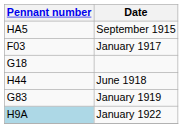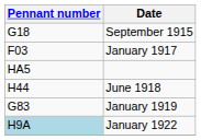 <table class="wikitable" style="text-align:left">
 <tr>
 <th><a href='#'>Pennant number</a></th>
 <th>Date</th>
 </tr>
 <tr>
-<td>HA5</td>
+<td>G18</td>
 <td>September 1915</td>
 </tr>
 <tr>
 <td>F03</td>
 <td>January 1917</td>
 </tr>
 <tr>
-<td>G18</td>
+<td>HA5</td>
 <td></td>
 </tr>
 <tr>
 <td>H44</td>
 <td>June 1918</td>
 </tr>
 <tr>
 <td>G83</td>
 <td>January 1919</td>
 </tr>
 <tr>
 <td style="background: lightblue;">H9A</td>
 <td>January 1922</td>
 </tr>
 <tr>
 </tr>
 </table>
